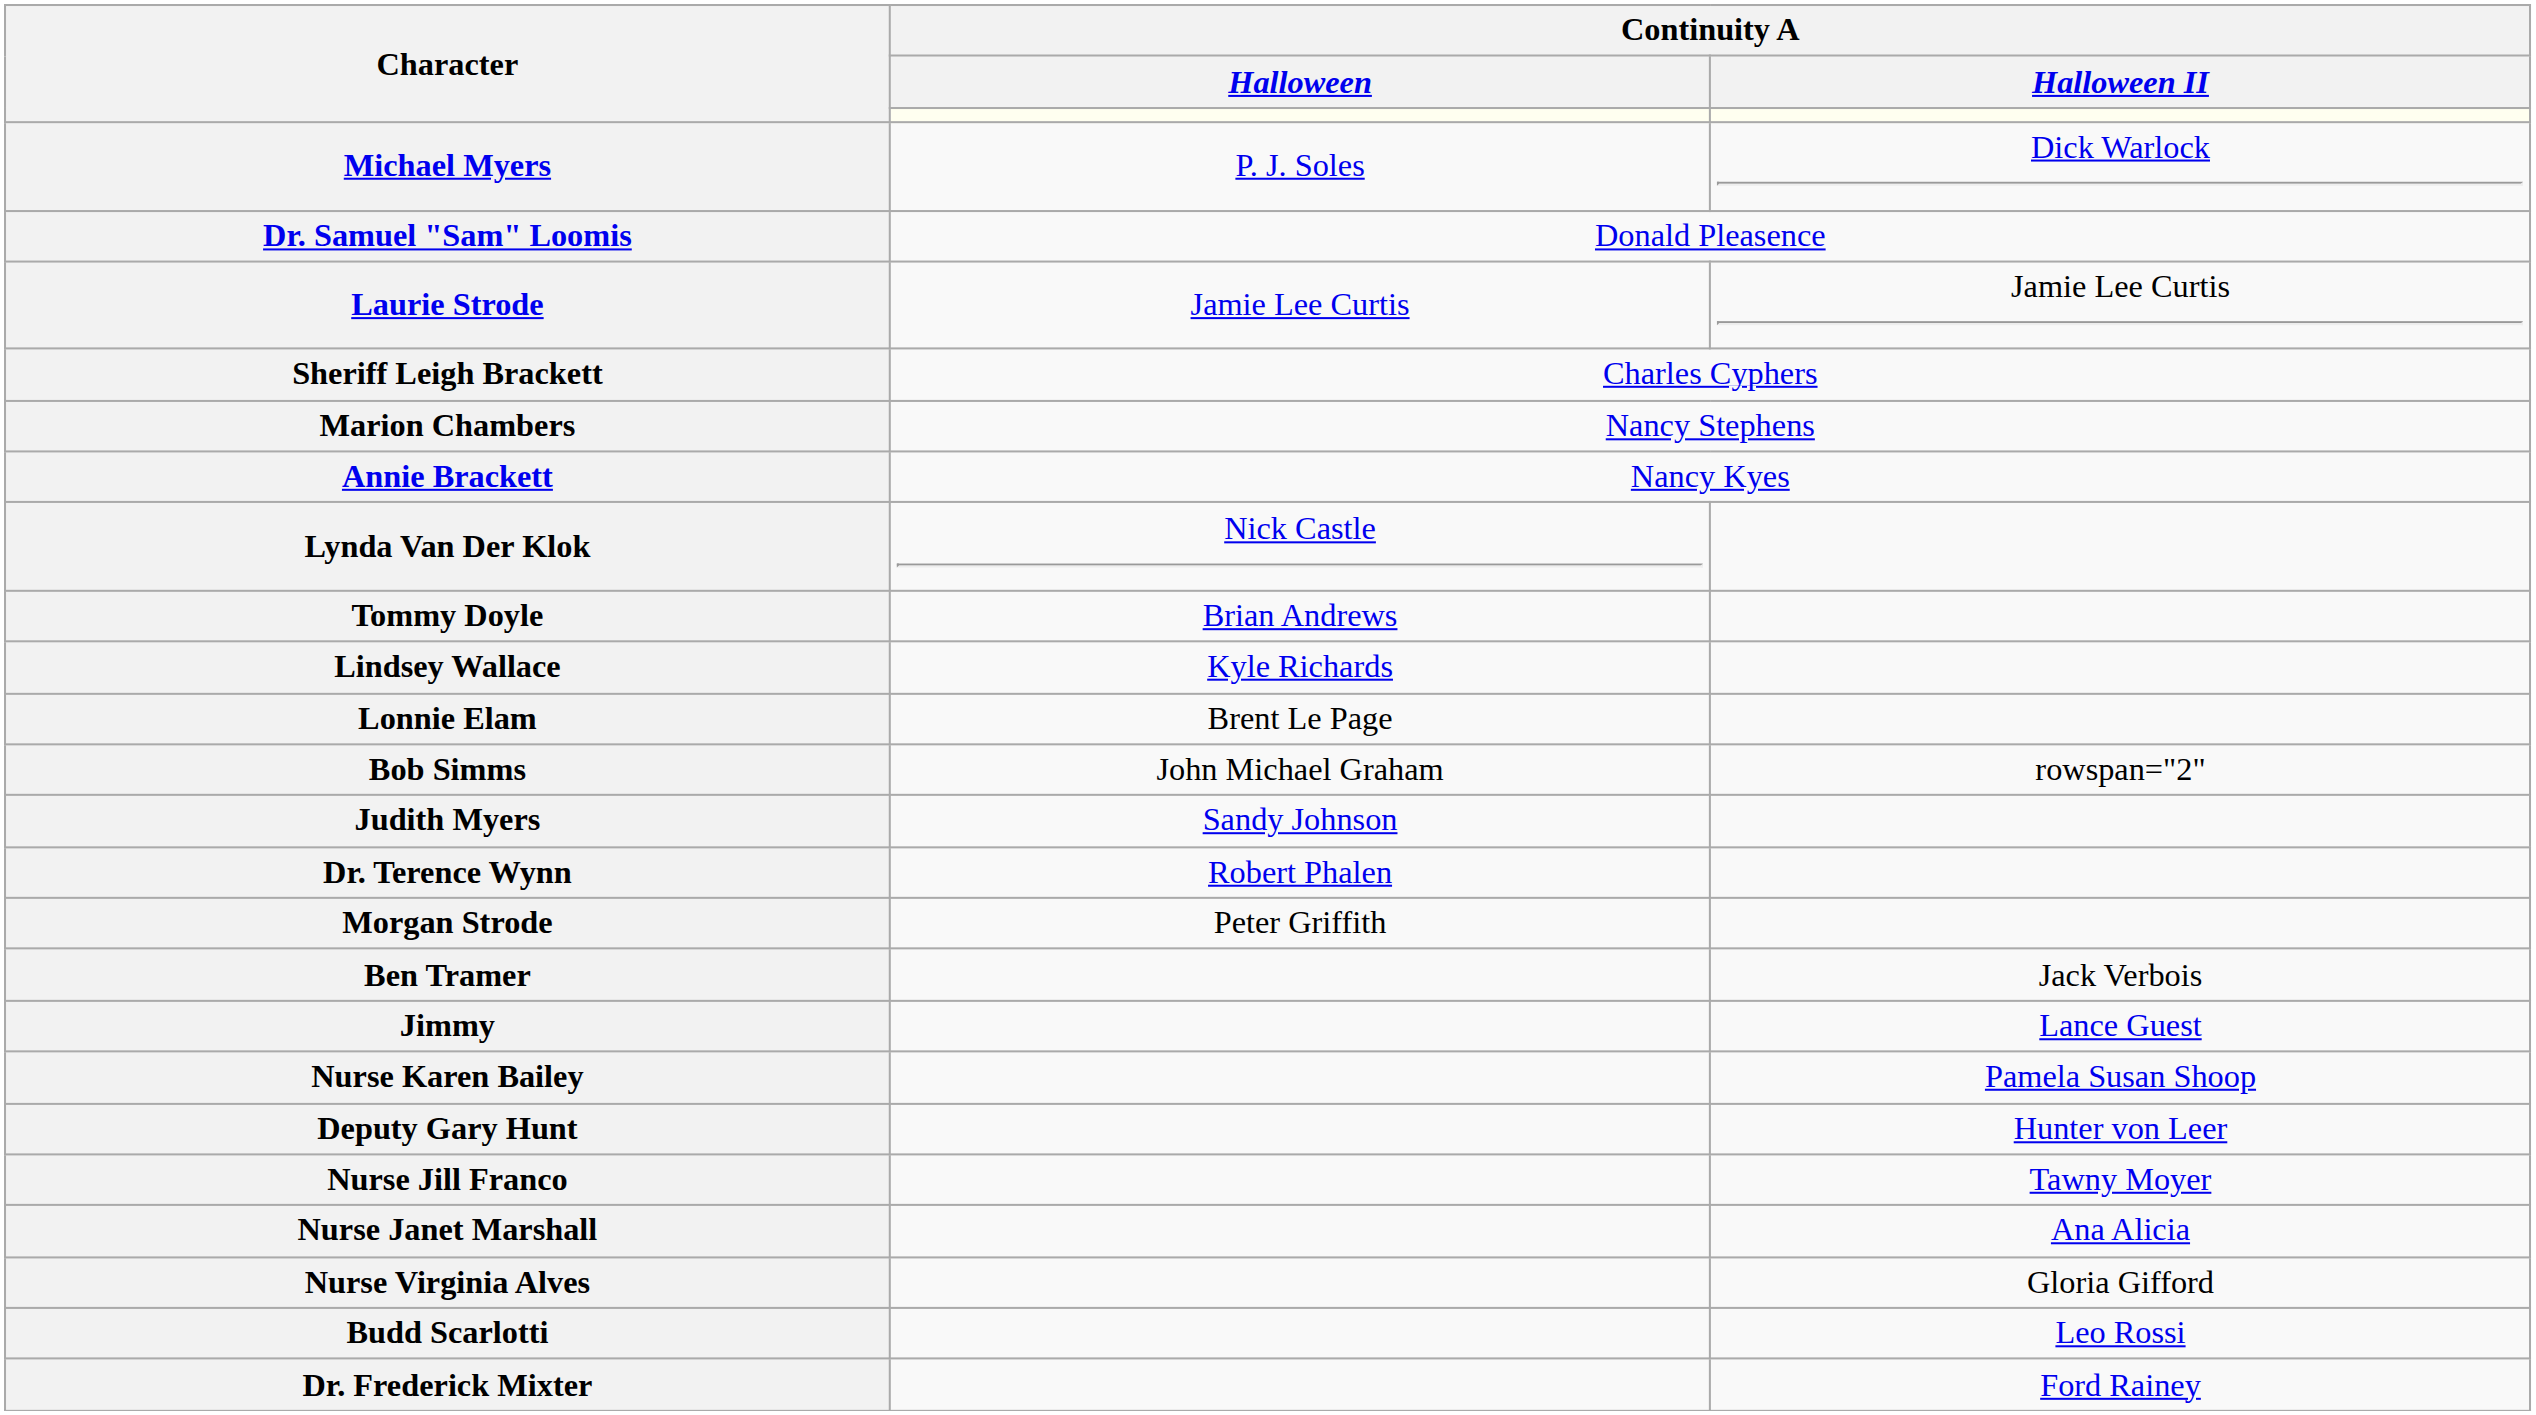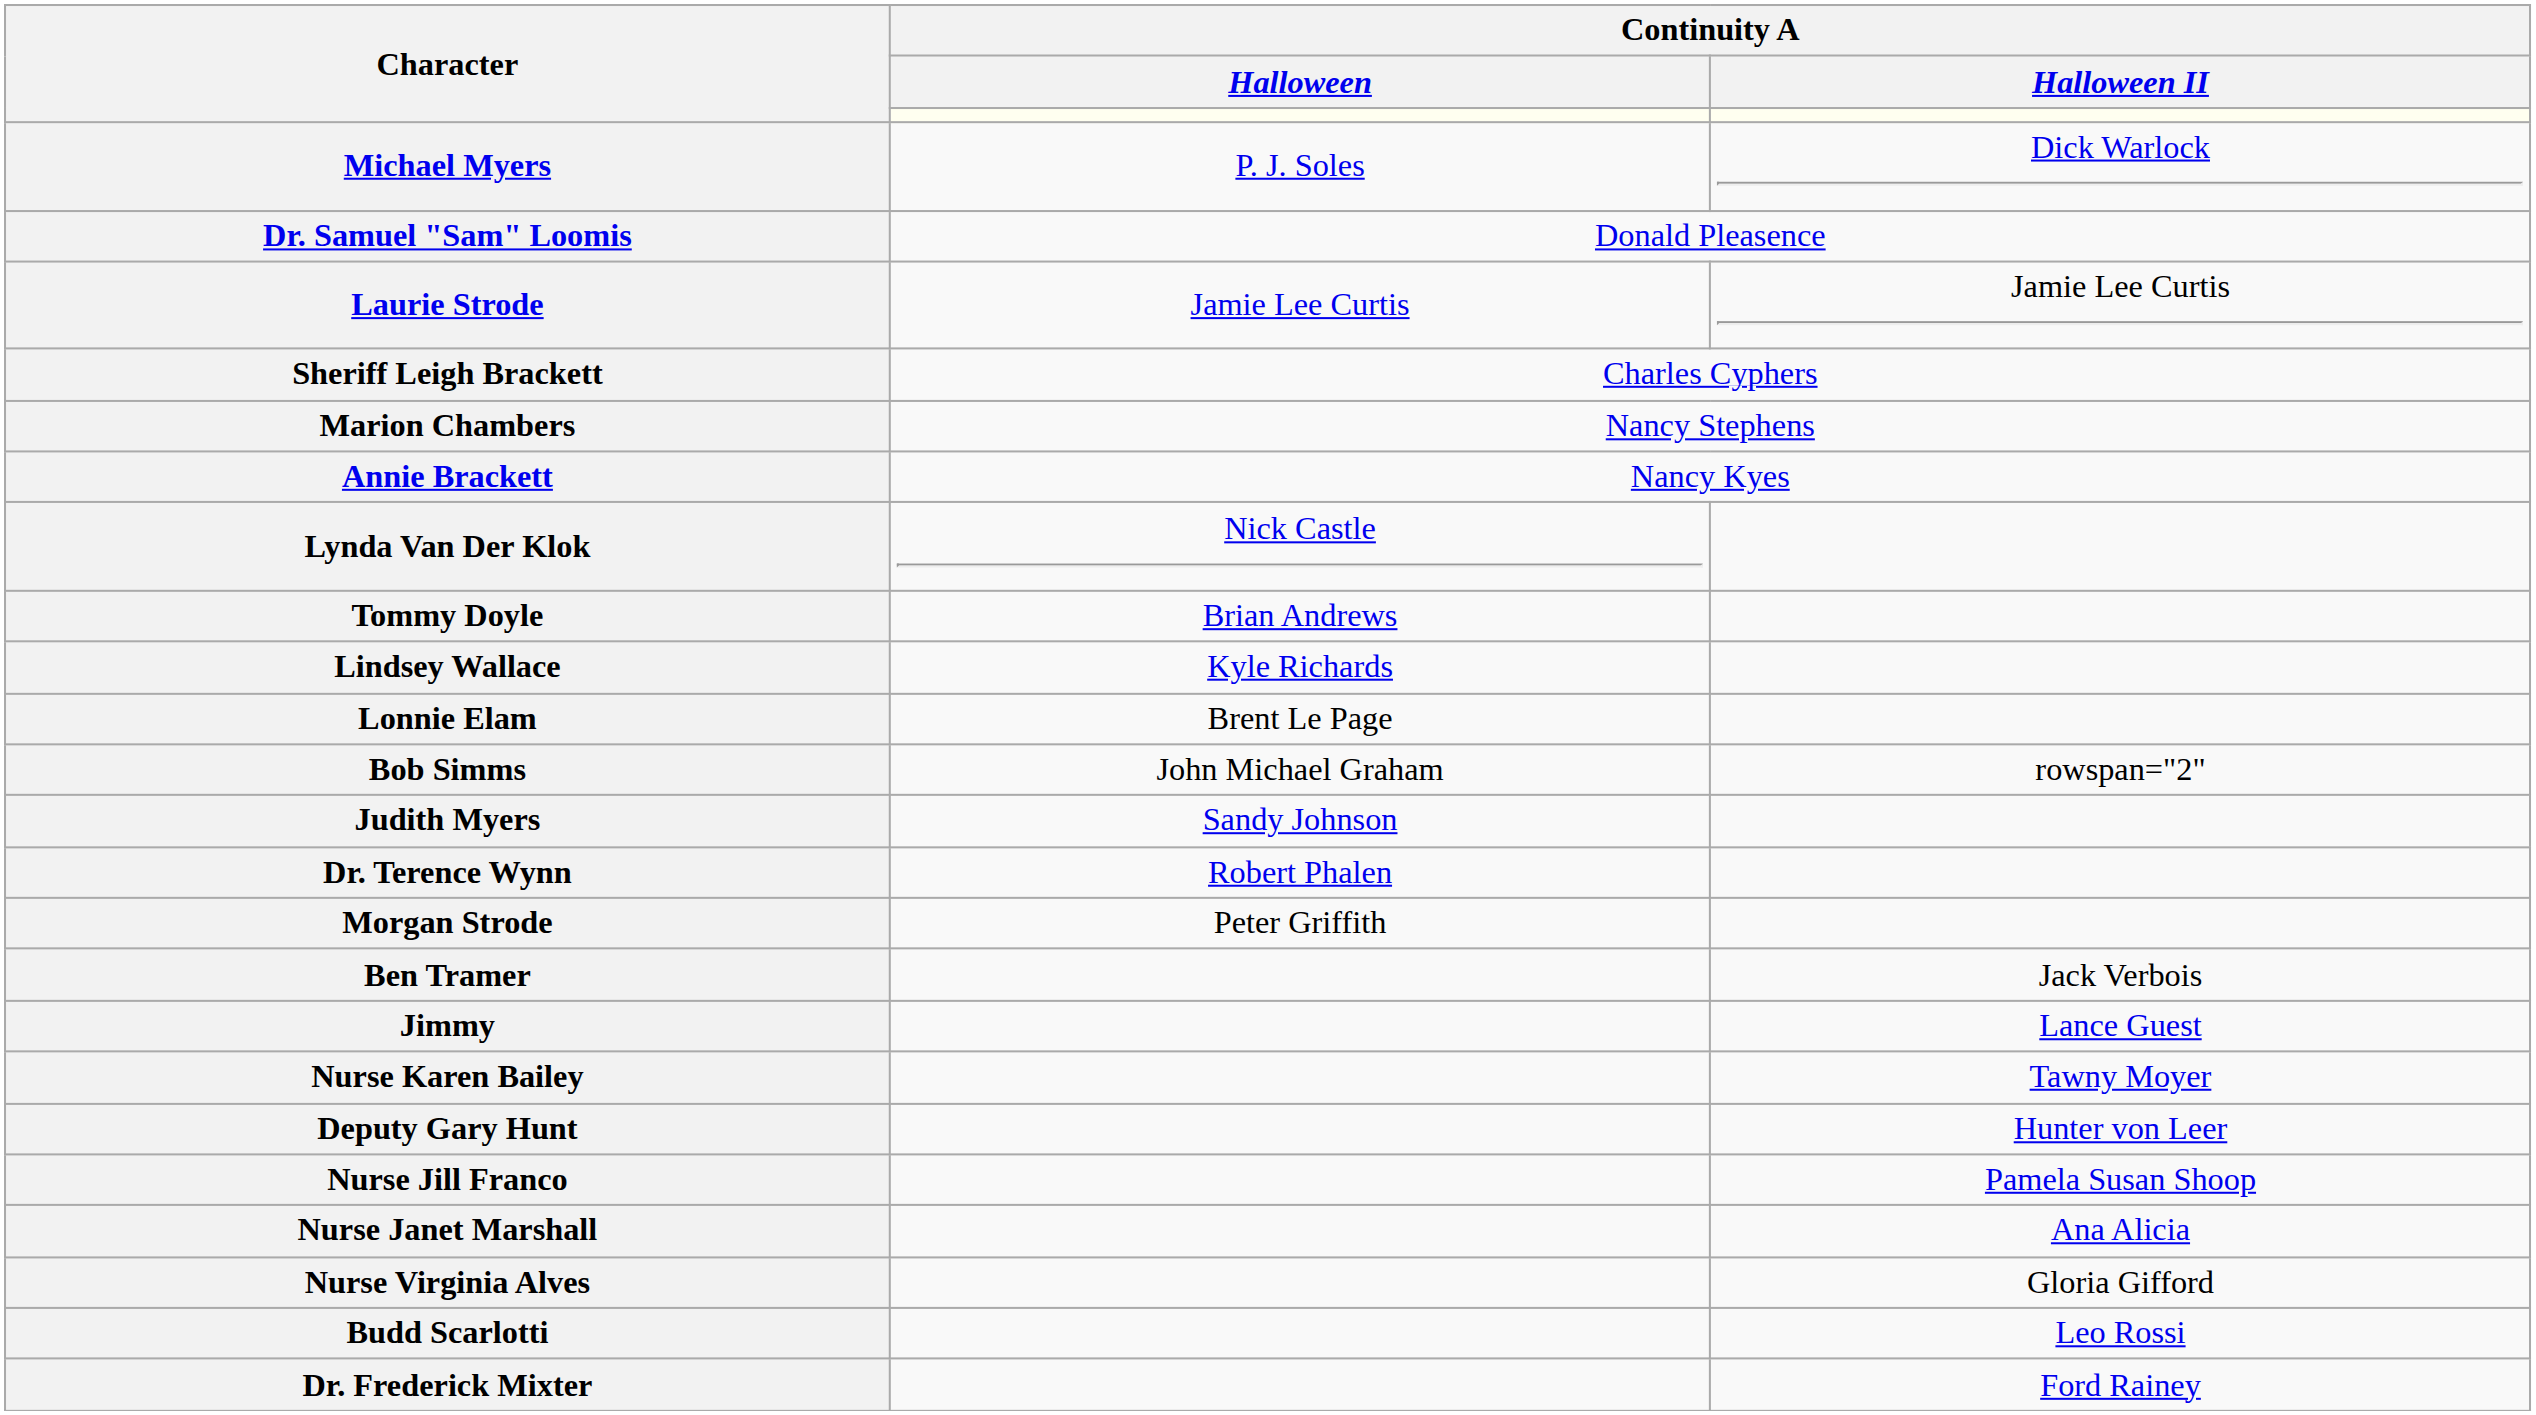 <table class="wikitable" style="text-align:center; width:99%; ">
 <tr>
 <th rowspan="3" style="width:15.1%;">Character</th>
 <th colspan="5" style="text-align:center;">Continuity A</th>
 </tr>
 <tr>
 <th style="text-align:center; width:14%;"><a href='#'><em>Halloween</em></a></th>
 <th style="text-align:center; width:14%;"><a href='#'><em>Halloween II</em></a></th>
 </tr>
 <tr>
 <td style="background:ivory;"></td>
 <td style="background:ivory;"></td>
 </tr>
 <tr>
 <th><a href='#'>Michael Myers<br></a></th>
 <td><a href='#'>P. J. Soles</a></td>
 <td><a href='#'>Dick Warlock</a><hr></td>
 </tr>
 <tr>
 <th><a href='#'>Dr. Samuel "Sam" Loomis</a></th>
 <td colspan="2"><a href='#'>Donald Pleasence</a></td>
 </tr>
 <tr>
 <th><a href='#'>Laurie Strode</a></th>
 <td><a href='#'>Jamie Lee Curtis</a></td>
 <td>Jamie Lee Curtis<hr></td>
 </tr>
 <tr>
 <th>Sheriff Leigh Brackett</th>
 <td colspan="2"><a href='#'>Charles Cyphers</a></td>
 </tr>
 <tr>
 <th>Marion Chambers</th>
 <td colspan="2"><a href='#'>Nancy Stephens</a></td>
 </tr>
 <tr>
 <th><a href='#'>Annie Brackett</a></th>
 <td colspan="2"><a href='#'>Nancy Kyes</a></td>
 </tr>
 <tr>
 <th>Lynda Van Der Klok</th>
 <td><a href='#'>Nick Castle</a><hr></td>
 <td></td>
 </tr>
 <tr>
 <th>Tommy Doyle</th>
 <td><a href='#'>Brian Andrews</a></td>
 <td></td>
 </tr>
 <tr>
 <th>Lindsey Wallace</th>
 <td><a href='#'>Kyle Richards</a></td>
 <td></td>
 </tr>
 <tr>
 <th>Lonnie Elam</th>
 <td>Brent Le Page</td>
 <td></td>
 </tr>
 <tr>
 <th>Bob Simms</th>
 <td>John Michael Graham</td>
 <td>rowspan="2" </td>
 </tr>
 <tr>
 <th>Judith Myers</th>
 <td><a href='#'>Sandy Johnson</a></td>
 </tr>
 <tr>
 <th>Dr. Terence Wynn</th>
 <td><a href='#'>Robert Phalen</a></td>
 <td></td>
 </tr>
 <tr>
 <th>Morgan Strode</th>
 <td>Peter Griffith</td>
 <td></td>
 </tr>
 <tr>
 <th>Ben Tramer</th>
 <td></td>
 <td>Jack Verbois</td>
 </tr>
 <tr>
 <th>Jimmy</th>
 <td></td>
 <td><a href='#'>Lance Guest</a></td>
 </tr>
 <tr>
 <th>Nurse Karen Bailey</th>
 <td></td>
-<td><a href='#'>Pamela Susan Shoop</a></td>
+<td><a href='#'>Tawny Moyer</a></td>
 </tr>
 <tr>
 <th>Deputy Gary Hunt</th>
 <td></td>
 <td><a href='#'>Hunter von Leer</a></td>
 </tr>
 <tr>
 <th>Nurse Jill Franco</th>
 <td></td>
-<td><a href='#'>Tawny Moyer</a></td>
+<td><a href='#'>Pamela Susan Shoop</a></td>
 </tr>
 <tr>
 <th>Nurse Janet Marshall</th>
 <td></td>
 <td><a href='#'>Ana Alicia</a></td>
 </tr>
 <tr>
 <th>Nurse Virginia Alves</th>
 <td></td>
 <td>Gloria Gifford</td>
 </tr>
 <tr>
 <th>Budd Scarlotti</th>
 <td></td>
 <td><a href='#'>Leo Rossi</a></td>
 </tr>
 <tr>
 <th>Dr. Frederick Mixter</th>
 <td></td>
 <td><a href='#'>Ford Rainey</a></td>
 </tr>
 <tr>
 </tr>
 </table>
